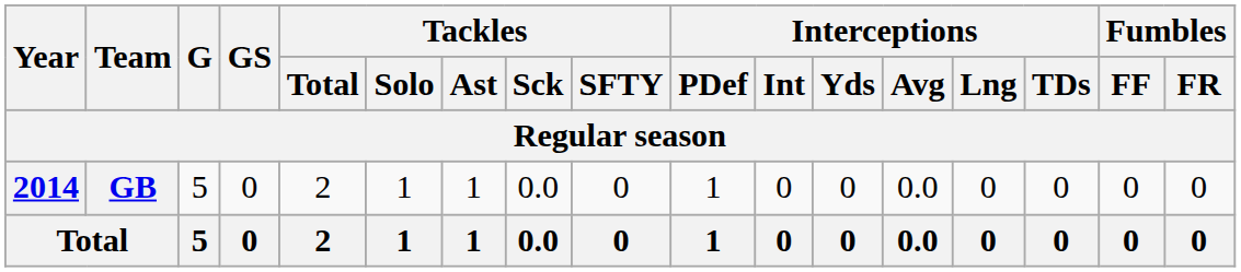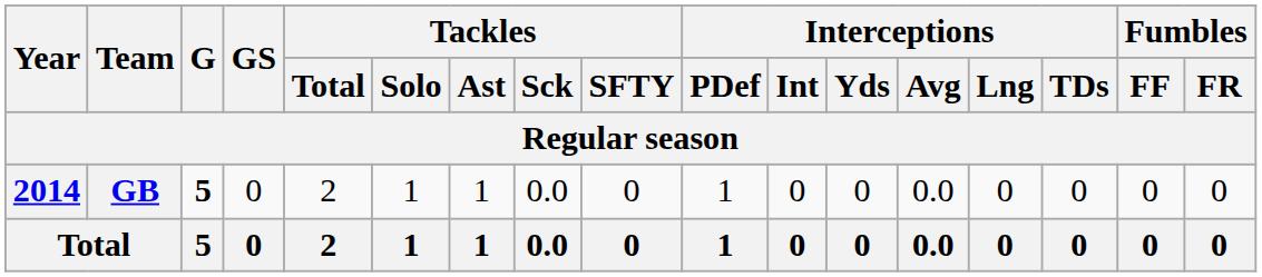 <table class="wikitable" style="text-align: center;">
 <tr>
 <th rowspan=2>Year</th>
 <th rowspan=2>Team</th>
 <th rowspan=2>G</th>
 <th rowspan=2>GS</th>
 <th colspan=5>Tackles</th>
 <th colspan=6>Interceptions</th>
 <th colspan=2>Fumbles</th>
 </tr>
 <tr>
 <th>Total</th>
 <th>Solo</th>
 <th>Ast</th>
 <th>Sck</th>
 <th>SFTY</th>
 <th>PDef</th>
 <th>Int</th>
 <th>Yds</th>
 <th>Avg</th>
 <th>Lng</th>
 <th>TDs</th>
 <th>FF</th>
 <th>FR</th>
 </tr>
 <tr>
 <th colspan=17><strong>Regular season</strong></th>
 </tr>
 <tr>
 <th><a href='#'>2014</a></th>
 <th><a href='#'>GB</a></th>
-<td>5</td>
+<td><strong>5</strong></td>
 <td>0</td>
 <td>2</td>
 <td>1</td>
 <td>1</td>
 <td>0.0</td>
 <td>0</td>
 <td>1</td>
 <td>0</td>
 <td>0</td>
 <td>0.0</td>
 <td>0</td>
 <td>0</td>
 <td>0</td>
 <td>0</td>
 </tr>
 <tr>
 <th colspan=2>Total</th>
 <th>5</th>
 <th>0</th>
 <th>2</th>
 <th>1</th>
 <th>1</th>
 <th>0.0</th>
 <th>0</th>
 <th>1</th>
 <th>0</th>
 <th>0</th>
 <th>0.0</th>
 <th>0</th>
 <th>0</th>
 <th>0</th>
 <th>0</th>
 </tr>
 </table>
